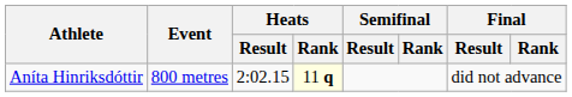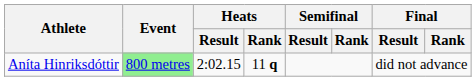 <table class="wikitable" border="1" style="font-size:90%">
 <tr>
 <th rowspan="2">Athlete</th>
 <th rowspan="2">Event</th>
 <th colspan="2">Heats</th>
 <th colspan="2">Semifinal</th>
 <th colspan="2">Final</th>
 </tr>
 <tr>
 <th>Result</th>
 <th>Rank</th>
 <th>Result</th>
 <th>Rank</th>
 <th>Result</th>
 <th>Rank</th>
 </tr>
 <tr>
 <td><a href='#'>Aníta Hinriksdóttir</a></td>
-<td><a href='#'>800 metres</a></td>
+<td style="background: lightgreen;"><a href='#'>800 metres</a></td>
 <td align=center>2:02.15</td>
-<td align=center style="background: lightyellow;">11 <strong>q</strong></td>
+<td align=center>11 <strong>q</strong></td>
 <td align=center colspan=2></td>
 <td align=center colspan=2>did not advance</td>
 </tr>
 </table>
